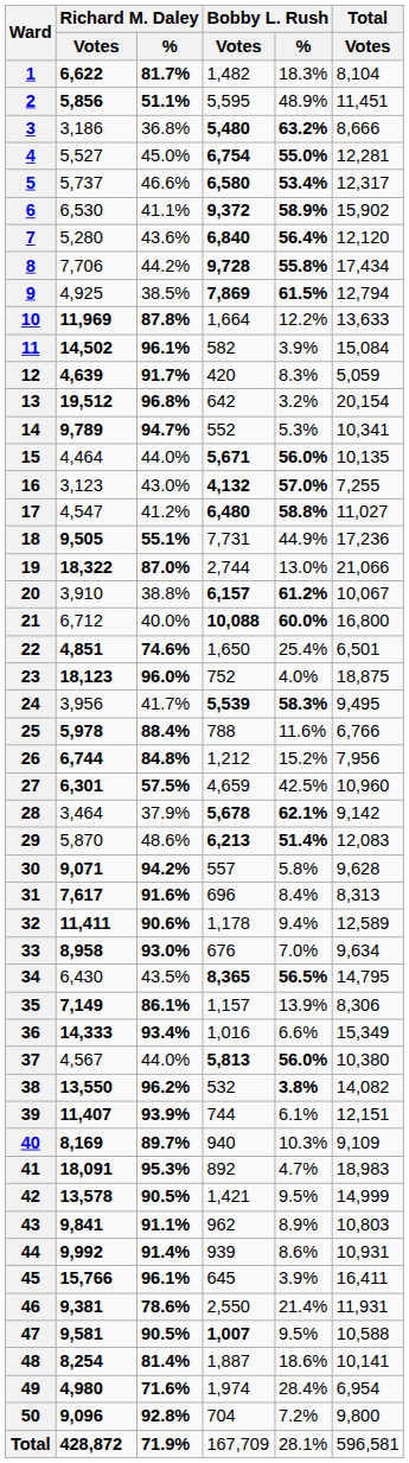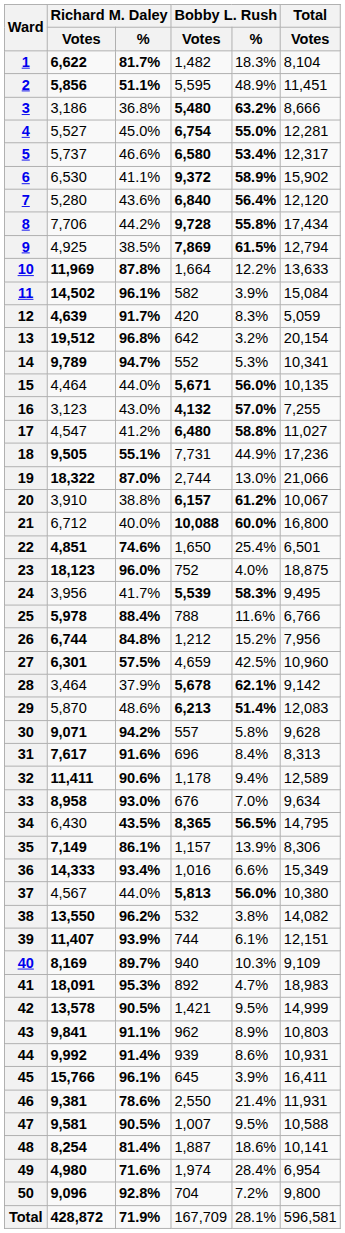 <table class="wikitable collapsible collapsed sortable">
 <tr>
 <th rowspan=2>Ward</th>
 <th colspan=2>Richard M. Daley</th>
 <th colspan=2>Bobby L. Rush</th>
 <th>Total</th>
 </tr>
 <tr>
 <th>Votes</th>
 <th>%</th>
 <th>Votes</th>
 <th>%</th>
 <th>Votes</th>
 </tr>
 <tr>
 <th><a href='#'>1</a></th>
 <td><strong>6,622</strong></td>
 <td><strong>81.7%</strong></td>
 <td>1,482</td>
 <td>18.3%</td>
 <td>8,104</td>
 </tr>
 <tr>
 <th><a href='#'>2</a></th>
 <td><strong>5,856</strong></td>
 <td><strong>51.1%</strong></td>
 <td>5,595</td>
 <td>48.9%</td>
 <td>11,451</td>
 </tr>
 <tr>
 <th><a href='#'>3</a></th>
 <td>3,186</td>
 <td>36.8%</td>
 <td><strong>5,480</strong></td>
 <td><strong>63.2%</strong></td>
 <td>8,666</td>
 </tr>
 <tr>
 <th><a href='#'>4</a></th>
 <td>5,527</td>
 <td>45.0%</td>
 <td><strong>6,754</strong></td>
 <td><strong>55.0%</strong></td>
 <td>12,281</td>
 </tr>
 <tr>
 <th><a href='#'>5</a></th>
 <td>5,737</td>
 <td>46.6%</td>
 <td><strong>6,580</strong></td>
 <td><strong>53.4%</strong></td>
 <td>12,317</td>
 </tr>
 <tr>
 <th><a href='#'>6</a></th>
 <td>6,530</td>
 <td>41.1%</td>
 <td><strong>9,372</strong></td>
 <td><strong>58.9%</strong></td>
 <td>15,902</td>
 </tr>
 <tr>
 <th><a href='#'>7</a></th>
 <td>5,280</td>
 <td>43.6%</td>
 <td><strong>6,840</strong></td>
 <td><strong>56.4%</strong></td>
 <td>12,120</td>
 </tr>
 <tr>
 <th><a href='#'>8</a></th>
 <td>7,706</td>
 <td>44.2%</td>
 <td><strong>9,728</strong></td>
 <td><strong>55.8%</strong></td>
 <td>17,434</td>
 </tr>
 <tr>
 <th><a href='#'>9</a></th>
 <td>4,925</td>
 <td>38.5%</td>
 <td><strong>7,869</strong></td>
 <td><strong>61.5%</strong></td>
 <td>12,794</td>
 </tr>
 <tr>
 <th><a href='#'>10</a></th>
 <td><strong>11,969</strong></td>
 <td><strong>87.8%</strong></td>
 <td>1,664</td>
 <td>12.2%</td>
 <td>13,633</td>
 </tr>
 <tr>
 <th><a href='#'>11</a></th>
 <td><strong>14,502</strong></td>
 <td><strong>96.1%</strong></td>
 <td>582</td>
 <td>3.9%</td>
 <td>15,084</td>
 </tr>
 <tr>
 <th>12</th>
 <td><strong>4,639</strong></td>
 <td><strong>91.7%</strong></td>
 <td>420</td>
 <td>8.3%</td>
 <td>5,059</td>
 </tr>
 <tr>
 <th>13</th>
 <td><strong>19,512</strong></td>
 <td><strong>96.8%</strong></td>
 <td>642</td>
 <td>3.2%</td>
 <td>20,154</td>
 </tr>
 <tr>
 <th>14</th>
 <td><strong>9,789</strong></td>
 <td><strong>94.7%</strong></td>
 <td>552</td>
 <td>5.3%</td>
 <td>10,341</td>
 </tr>
 <tr>
 <th>15</th>
 <td>4,464</td>
 <td>44.0%</td>
 <td><strong>5,671</strong></td>
 <td><strong>56.0%</strong></td>
 <td>10,135</td>
 </tr>
 <tr>
 <th>16</th>
 <td>3,123</td>
 <td>43.0%</td>
 <td><strong>4,132</strong></td>
 <td><strong>57.0%</strong></td>
 <td>7,255</td>
 </tr>
 <tr>
 <th>17</th>
 <td>4,547</td>
 <td>41.2%</td>
 <td><strong>6,480</strong></td>
 <td><strong>58.8%</strong></td>
 <td>11,027</td>
 </tr>
 <tr>
 <th>18</th>
 <td><strong>9,505</strong></td>
 <td><strong>55.1%</strong></td>
 <td>7,731</td>
 <td>44.9%</td>
 <td>17,236</td>
 </tr>
 <tr>
 <th>19</th>
 <td><strong>18,322</strong></td>
 <td><strong>87.0%</strong></td>
 <td>2,744</td>
 <td>13.0%</td>
 <td>21,066</td>
 </tr>
 <tr>
 <th>20</th>
 <td>3,910</td>
 <td>38.8%</td>
 <td><strong>6,157</strong></td>
 <td><strong>61.2%</strong></td>
 <td>10,067</td>
 </tr>
 <tr>
 <th>21</th>
 <td>6,712</td>
 <td>40.0%</td>
 <td><strong>10,088</strong></td>
 <td><strong>60.0%</strong></td>
 <td>16,800</td>
 </tr>
 <tr>
 <th>22</th>
 <td><strong>4,851</strong></td>
 <td><strong>74.6%</strong></td>
 <td>1,650</td>
 <td>25.4%</td>
 <td>6,501</td>
 </tr>
 <tr>
 <th>23</th>
 <td><strong>18,123</strong></td>
 <td><strong>96.0%</strong></td>
 <td>752</td>
 <td>4.0%</td>
 <td>18,875</td>
 </tr>
 <tr>
 <th>24</th>
 <td>3,956</td>
 <td>41.7%</td>
 <td><strong>5,539</strong></td>
 <td><strong>58.3%</strong></td>
 <td>9,495</td>
 </tr>
 <tr>
 <th>25</th>
 <td><strong>5,978</strong></td>
 <td><strong>88.4%</strong></td>
 <td>788</td>
 <td>11.6%</td>
 <td>6,766</td>
 </tr>
 <tr>
 <th>26</th>
 <td><strong>6,744</strong></td>
 <td><strong>84.8%</strong></td>
 <td>1,212</td>
 <td>15.2%</td>
 <td>7,956</td>
 </tr>
 <tr>
 <th>27</th>
 <td><strong>6,301</strong></td>
 <td><strong>57.5%</strong></td>
 <td>4,659</td>
 <td>42.5%</td>
 <td>10,960</td>
 </tr>
 <tr>
 <th>28</th>
 <td>3,464</td>
 <td>37.9%</td>
 <td><strong>5,678</strong></td>
 <td><strong>62.1%</strong></td>
 <td>9,142</td>
 </tr>
 <tr>
 <th>29</th>
 <td>5,870</td>
 <td>48.6%</td>
 <td><strong>6,213</strong></td>
 <td><strong>51.4%</strong></td>
 <td>12,083</td>
 </tr>
 <tr>
 <th>30</th>
 <td><strong>9,071</strong></td>
 <td><strong>94.2%</strong></td>
 <td>557</td>
 <td>5.8%</td>
 <td>9,628</td>
 </tr>
 <tr>
 <th>31</th>
 <td><strong>7,617</strong></td>
 <td><strong>91.6%</strong></td>
 <td>696</td>
 <td>8.4%</td>
 <td>8,313</td>
 </tr>
 <tr>
 <th>32</th>
 <td><strong>11,411</strong></td>
 <td><strong>90.6%</strong></td>
 <td>1,178</td>
 <td>9.4%</td>
 <td>12,589</td>
 </tr>
 <tr>
 <th>33</th>
 <td><strong>8,958</strong></td>
 <td><strong>93.0%</strong></td>
 <td>676</td>
 <td>7.0%</td>
 <td>9,634</td>
 </tr>
 <tr>
 <th>34</th>
 <td>6,430</td>
-<td>43.5%</td>
+<td><strong>43.5%</strong></td>
 <td><strong>8,365</strong></td>
 <td><strong>56.5%</strong></td>
 <td>14,795</td>
 </tr>
 <tr>
 <th>35</th>
 <td><strong>7,149</strong></td>
 <td><strong>86.1%</strong></td>
 <td>1,157</td>
 <td>13.9%</td>
 <td>8,306</td>
 </tr>
 <tr>
 <th>36</th>
 <td><strong>14,333</strong></td>
 <td><strong>93.4%</strong></td>
 <td>1,016</td>
 <td>6.6%</td>
 <td>15,349</td>
 </tr>
 <tr>
 <th>37</th>
 <td>4,567</td>
 <td>44.0%</td>
 <td><strong>5,813</strong></td>
 <td><strong>56.0%</strong></td>
 <td>10,380</td>
 </tr>
 <tr>
 <th>38</th>
 <td><strong>13,550</strong></td>
 <td><strong>96.2%</strong></td>
 <td>532</td>
-<td><strong>3.8%</strong></td>
+<td>3.8%</td>
 <td>14,082</td>
 </tr>
 <tr>
 <th>39</th>
 <td><strong>11,407</strong></td>
 <td><strong>93.9%</strong></td>
 <td>744</td>
 <td>6.1%</td>
 <td>12,151</td>
 </tr>
 <tr>
 <th><a href='#'>40</a></th>
 <td><strong>8,169</strong></td>
 <td><strong>89.7%</strong></td>
 <td>940</td>
 <td>10.3%</td>
 <td>9,109</td>
 </tr>
 <tr>
 <th>41</th>
 <td><strong>18,091</strong></td>
 <td><strong>95.3%</strong></td>
 <td>892</td>
 <td>4.7%</td>
 <td>18,983</td>
 </tr>
 <tr>
 <th>42</th>
 <td><strong>13,578</strong></td>
 <td><strong>90.5%</strong></td>
 <td>1,421</td>
 <td>9.5%</td>
 <td>14,999</td>
 </tr>
 <tr>
 <th>43</th>
 <td><strong>9,841</strong></td>
 <td><strong>91.1%</strong></td>
 <td>962</td>
 <td>8.9%</td>
 <td>10,803</td>
 </tr>
 <tr>
 <th>44</th>
 <td><strong>9,992</strong></td>
 <td><strong>91.4%</strong></td>
 <td>939</td>
 <td>8.6%</td>
 <td>10,931</td>
 </tr>
 <tr>
 <th>45</th>
 <td><strong>15,766</strong></td>
 <td><strong>96.1%</strong></td>
 <td>645</td>
 <td>3.9%</td>
 <td>16,411</td>
 </tr>
 <tr>
 <th>46</th>
 <td><strong>9,381</strong></td>
 <td><strong>78.6%</strong></td>
 <td>2,550</td>
 <td>21.4%</td>
 <td>11,931</td>
 </tr>
 <tr>
 <th>47</th>
 <td><strong>9,581</strong></td>
 <td><strong>90.5%</strong></td>
-<td><strong>1,007</strong></td>
+<td>1,007</td>
 <td>9.5%</td>
 <td>10,588</td>
 </tr>
 <tr>
 <th>48</th>
 <td><strong>8,254</strong></td>
 <td><strong>81.4%</strong></td>
 <td>1,887</td>
 <td>18.6%</td>
 <td>10,141</td>
 </tr>
 <tr>
 <th>49</th>
 <td><strong>4,980</strong></td>
 <td><strong>71.6%</strong></td>
 <td>1,974</td>
 <td>28.4%</td>
 <td>6,954</td>
 </tr>
 <tr>
 <th>50</th>
 <td><strong>9,096</strong></td>
 <td><strong>92.8%</strong></td>
 <td>704</td>
 <td>7.2%</td>
 <td>9,800</td>
 </tr>
 <tr>
 <th>Total</th>
 <td><strong>428,872</strong></td>
 <td><strong>71.9%</strong></td>
 <td>167,709</td>
 <td>28.1%</td>
 <td>596,581</td>
 </tr>
 </table>
